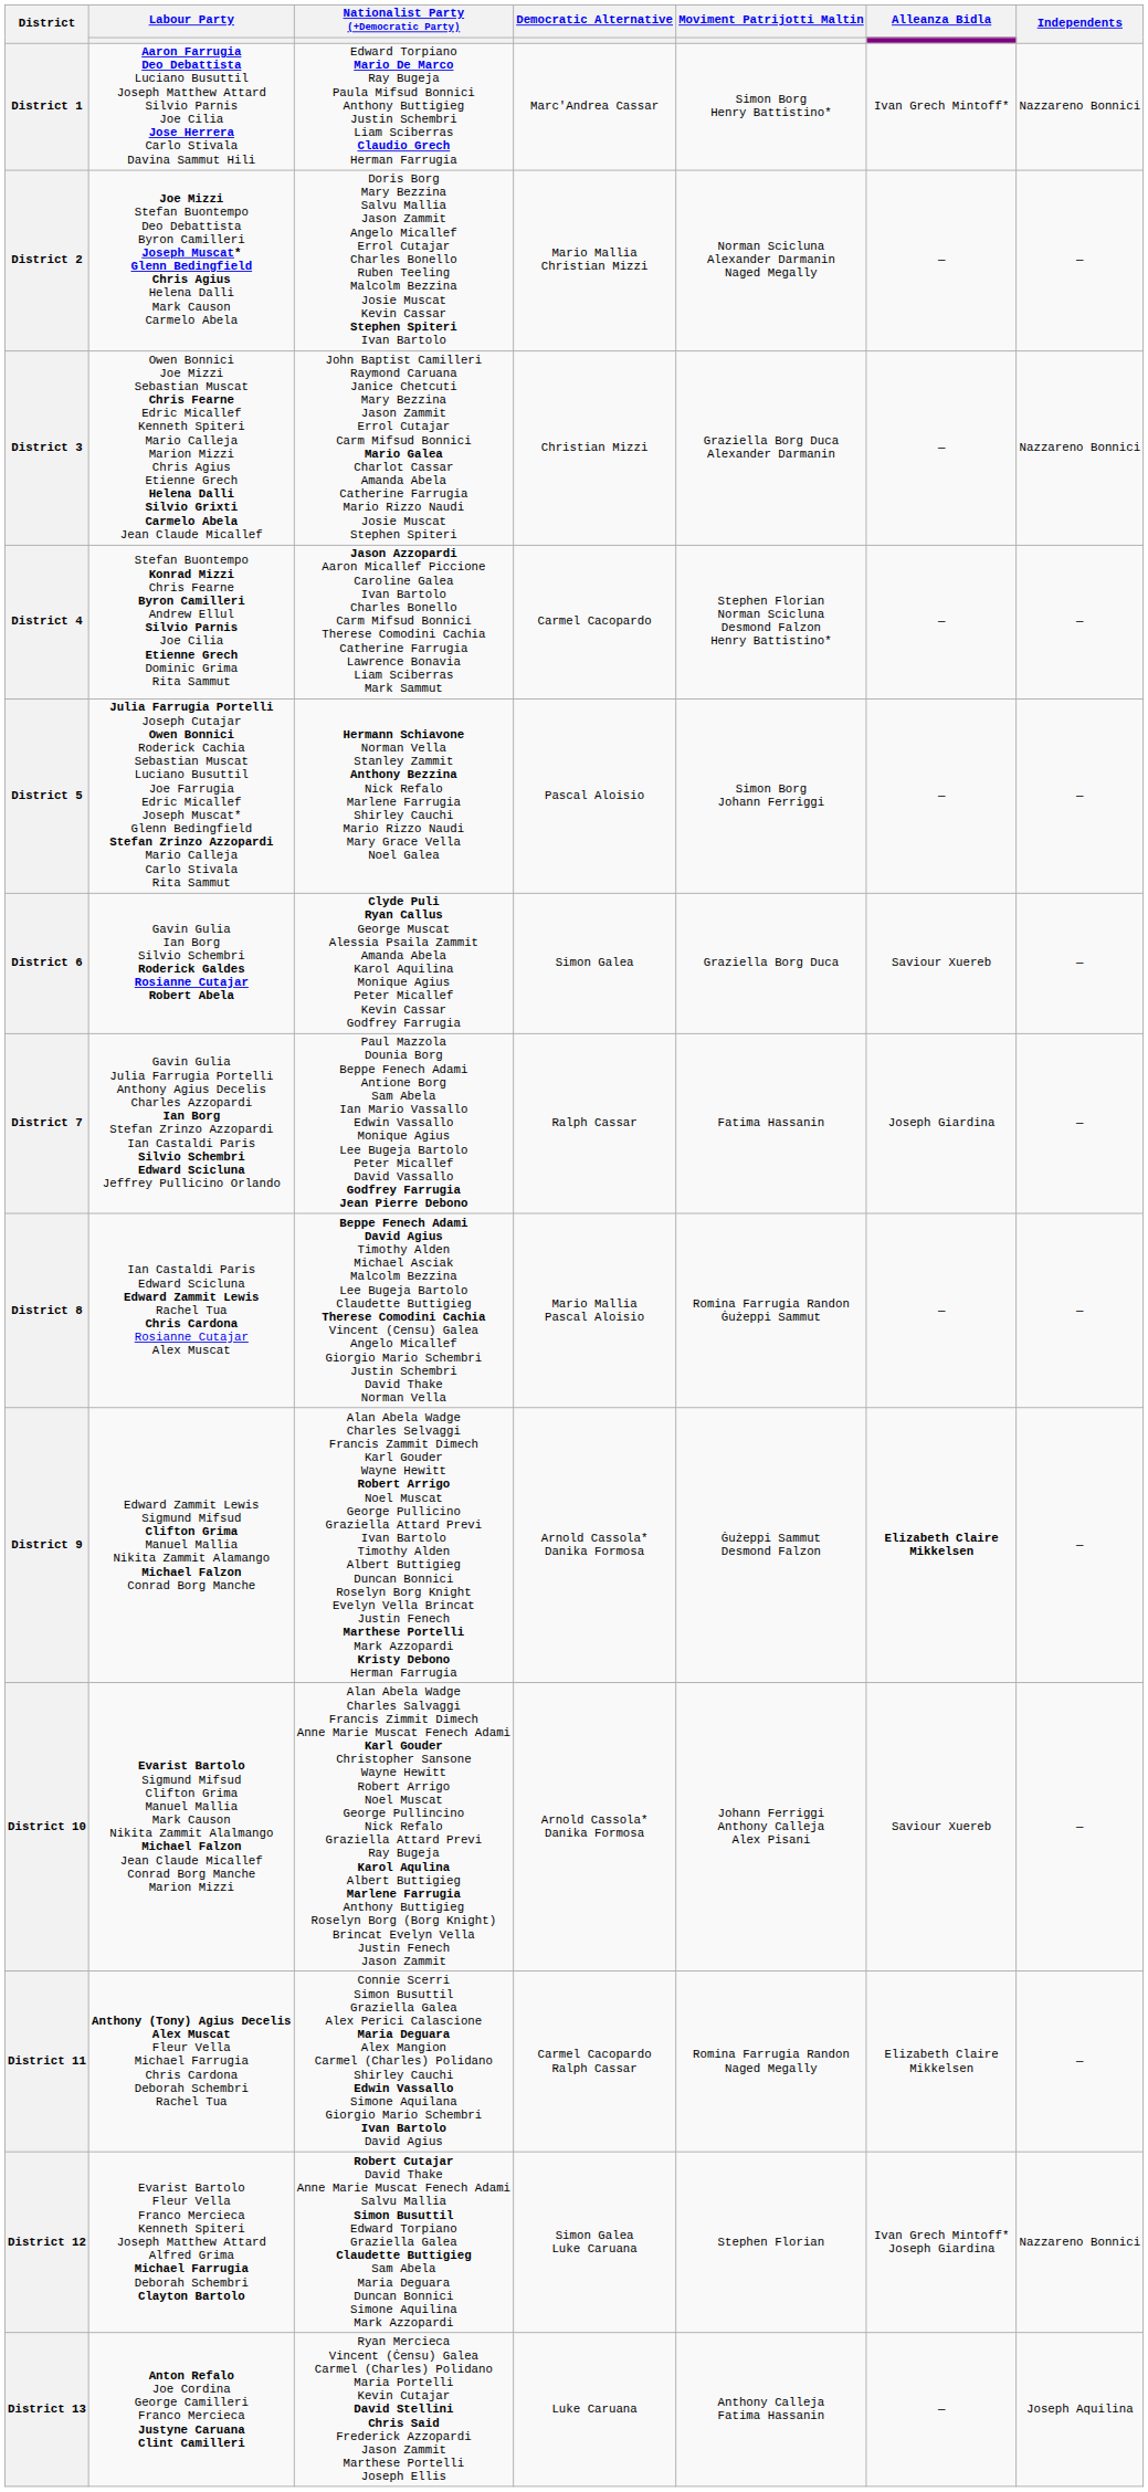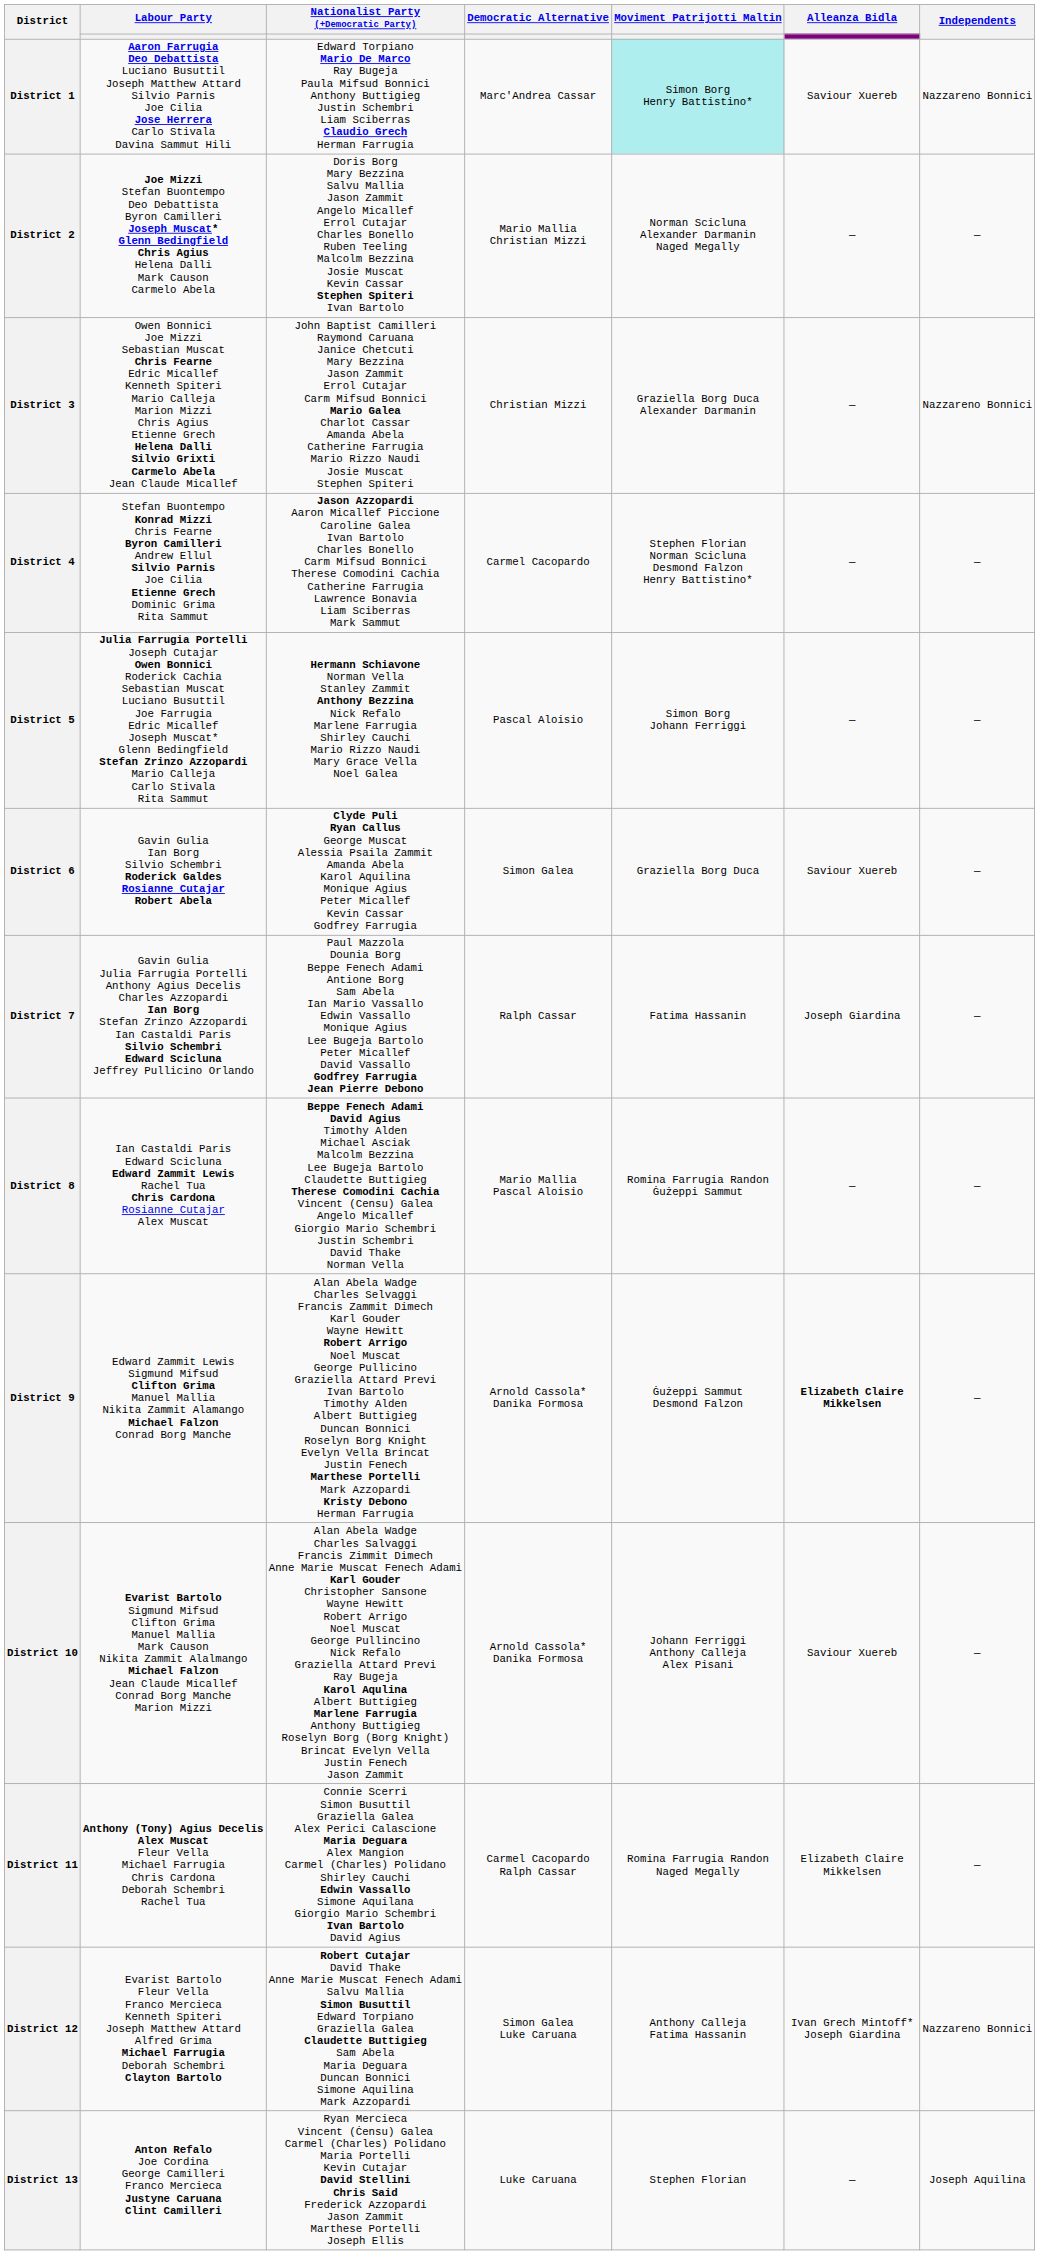 <table class="wikitable sortable mw-collapsible mw-collapsed" style="text-align:center;font-size:95%;line-height:14px">
 <tr>
 <th rowspan="2">District</th>
 <th><a href='#'>Labour Party</a></th>
 <th><a href='#'>Nationalist Party<br><small>(+Democratic Party)</small></a></th>
 <th><a href='#'>Democratic Alternative</a></th>
 <th><a href='#'>Moviment Patrijotti Maltin</a></th>
 <th><a href='#'>Alleanza Bidla</a></th>
 <th rowspan="2"><a href='#'>Independents</a></th>
 </tr>
 <tr>
 <th class="unsortable" style="background:"></th>
 <th class="unsortable" style="background:"></th>
 <th class="unsortable" style="background:"></th>
 <th class="unsortable" style="background:"></th>
 <th class="unsortable" style="background:purple; width:150px;"></th>
 </tr>
 <tr>
 <th>District 1</th>
 <td><strong><a href='#'>Aaron Farrugia</a></strong><br><strong><a href='#'>Deo Debattista</a></strong><br>Luciano Busuttil<br>Joseph Matthew Attard<br>Silvio Parnis<br>Joe Cilia<br><strong><a href='#'>Jose Herrera</a></strong><br>Carlo Stivala<br>Davina Sammut Hili</td>
 <td>Edward Torpiano<br><strong><a href='#'>Mario De Marco</a></strong><br>Ray Bugeja<br>Paula Mifsud Bonnici<br>Anthony Buttigieg<br>Justin Schembri<br>Liam Sciberras<br><strong><a href='#'>Claudio Grech</a></strong><br>Herman Farrugia</td>
 <td>Marc'Andrea Cassar</td>
-<td>Simon Borg<br>Henry Battistino*</td>
-<td>Ivan Grech Mintoff*</td>
+<td style="background: paleturquoise;">Simon Borg<br>Henry Battistino*</td>
+<td>Saviour Xuereb</td>
 <td>Nazzareno Bonnici</td>
 </tr>
 <tr>
 <th>District 2</th>
 <td><strong>Joe Mizzi</strong><br>Stefan Buontempo<br>Deo Debattista<br>Byron Camilleri<br><strong><a href='#'>Joseph Muscat</a>*</strong><br><strong><a href='#'>Glenn Bedingfield</a></strong><br><strong>Chris Agius</strong><br>Helena Dalli<br>Mark Causon<br>Carmelo Abela</td>
 <td>Doris Borg<br>Mary Bezzina<br>Salvu Mallia<br>Jason Zammit<br>Angelo Micallef<br>Errol Cutajar<br>Charles Bonello<br>Ruben Teeling<br>Malcolm Bezzina<br>Josie Muscat<br>Kevin Cassar<br><strong>Stephen Spiteri</strong><br>Ivan Bartolo</td>
 <td>Mario Mallia<br>Christian Mizzi</td>
 <td>Norman Scicluna<br>Alexander Darmanin<br>Naged Megally</td>
 <td>—</td>
 <td>—</td>
 </tr>
 <tr>
 <th>District 3</th>
 <td>Owen Bonnici<br>Joe Mizzi<br>Sebastian Muscat<br><strong>Chris Fearne</strong><br>Edric Micallef<br>Kenneth Spiteri<br>Mario Calleja<br>Marion Mizzi<br>Chris Agius<br>Etienne Grech<br><strong>Helena Dalli</strong><br><strong>Silvio Grixti</strong><br><strong>Carmelo Abela</strong><br>Jean Claude Micallef</td>
 <td>John Baptist Camilleri<br>Raymond Caruana<br>Janice Chetcuti<br>Mary Bezzina<br>Jason Zammit<br>Errol Cutajar<br>Carm Mifsud Bonnici<br><strong>Mario Galea</strong><br>Charlot Cassar<br>Amanda Abela<br>Catherine Farrugia<br>Mario Rizzo Naudi<br>Josie Muscat<br>Stephen Spiteri</td>
 <td>Christian Mizzi</td>
 <td>Graziella Borg Duca<br>Alexander Darmanin</td>
 <td>—</td>
 <td>Nazzareno Bonnici</td>
 </tr>
 <tr>
 <th>District 4</th>
 <td>Stefan Buontempo<br><strong>Konrad Mizzi</strong><br>Chris Fearne<br><strong>Byron Camilleri</strong><br>Andrew Ellul<br><strong>Silvio Parnis</strong><br>Joe Cilia<br><strong>Etienne Grech</strong><br>Dominic Grima<br>Rita Sammut</td>
 <td><strong>Jason Azzopardi</strong><br>Aaron Micallef Piccione<br>Caroline Galea<br>Ivan Bartolo<br>Charles Bonello<br>Carm Mifsud Bonnici<br>Therese Comodini Cachia<br>Catherine Farrugia<br>Lawrence Bonavia<br>Liam Sciberras<br>Mark Sammut</td>
 <td>Carmel Cacopardo</td>
 <td>Stephen Florian<br>Norman Scicluna<br>Desmond Falzon<br>Henry Battistino*</td>
 <td>—</td>
 <td>—</td>
 </tr>
 <tr>
 <th>District 5</th>
 <td><strong>Julia Farrugia Portelli</strong><br>Joseph Cutajar<br><strong>Owen Bonnici</strong><br>Roderick Cachia<br>Sebastian Muscat<br>Luciano Busuttil<br>Joe Farrugia<br>Edric Micallef<br>Joseph Muscat*<br>Glenn Bedingfield<br><strong>Stefan Zrinzo Azzopardi</strong><br>Mario Calleja<br>Carlo Stivala<br>Rita Sammut</td>
 <td><strong>Hermann Schiavone</strong><br>Norman Vella<br>Stanley Zammit<br><strong>Anthony Bezzina</strong><br>Nick Refalo<br>Marlene Farrugia<br>Shirley Cauchi<br>Mario Rizzo Naudi<br>Mary Grace Vella<br>Noel Galea</td>
 <td>Pascal Aloisio</td>
 <td>Simon Borg<br>Johann Ferriggi</td>
 <td>—</td>
 <td>—</td>
 </tr>
 <tr>
 <th>District 6</th>
 <td>Gavin Gulia<br>Ian Borg<br>Silvio Schembri<br><strong>Roderick Galdes</strong><br><strong><a href='#'>Rosianne Cutajar</a></strong><br><strong>Robert Abela</strong></td>
 <td><strong>Clyde Puli</strong><br><strong>Ryan Callus</strong><br>George Muscat<br>Alessia Psaila Zammit<br>Amanda Abela<br>Karol Aquilina<br>Monique Agius<br>Peter Micallef<br>Kevin Cassar<br>Godfrey Farrugia</td>
 <td>Simon Galea</td>
 <td>Graziella Borg Duca</td>
 <td>Saviour Xuereb</td>
 <td>—</td>
 </tr>
 <tr>
 <th>District 7</th>
 <td>Gavin Gulia<br>Julia Farrugia Portelli<br>Anthony Agius Decelis<br>Charles Azzopardi<br><strong>Ian Borg</strong><br>Stefan Zrinzo Azzopardi<br>Ian Castaldi Paris<br><strong>Silvio Schembri</strong><br><strong>Edward Scicluna</strong><br>Jeffrey Pullicino Orlando</td>
 <td>Paul Mazzola<br>Dounia Borg<br>Beppe Fenech Adami<br>Antione Borg<br>Sam Abela<br>Ian Mario Vassallo<br>Edwin Vassallo<br>Monique Agius<br>Lee Bugeja Bartolo<br>Peter Micallef<br>David Vassallo<br><strong>Godfrey Farrugia</strong><br><strong>Jean Pierre Debono</strong></td>
 <td>Ralph Cassar</td>
 <td>Fatima Hassanin</td>
 <td>Joseph Giardina</td>
 <td>—</td>
 </tr>
 <tr>
 <th>District 8</th>
 <td>Ian Castaldi Paris<br>Edward Scicluna<br><strong>Edward Zammit Lewis</strong><br>Rachel Tua<br><strong>Chris Cardona</strong><br><a href='#'>Rosianne Cutajar</a><br>Alex Muscat</td>
 <td><strong>Beppe Fenech Adami</strong><br><strong>David Agius</strong><br>Timothy Alden<br>Michael Asciak<br>Malcolm Bezzina<br>Lee Bugeja Bartolo<br>Claudette Buttigieg<br><strong>Therese Comodini Cachia</strong><br>Vincent (Censu) Galea<br>Angelo Micallef<br>Giorgio Mario Schembri<br>Justin Schembri<br>David Thake<br>Norman Vella</td>
 <td>Mario Mallia<br>Pascal Aloisio</td>
 <td>Romina Farrugia Randon<br>Ġużeppi Sammut</td>
 <td>—</td>
 <td>—</td>
 </tr>
 <tr>
 <th>District 9</th>
 <td>Edward Zammit Lewis<br>Sigmund Mifsud<br><strong>Clifton Grima</strong><br>Manuel Mallia<br>Nikita Zammit Alamango<br><strong>Michael Falzon</strong><br>Conrad Borg Manche</td>
 <td>Alan Abela Wadge<br>Charles Selvaggi<br>Francis Zammit Dimech<br>Karl Gouder<br>Wayne Hewitt<br><strong>Robert Arrigo</strong><br>Noel Muscat<br>George Pullicino<br>Graziella Attard Previ<br>Ivan Bartolo<br>Timothy Alden<br>Albert Buttigieg<br>Duncan Bonnici<br>Roselyn Borg Knight<br>Evelyn Vella Brincat<br>Justin Fenech<br><strong>Marthese Portelli</strong><br>Mark Azzopardi<br><strong>Kristy Debono</strong><br>Herman Farrugia</td>
 <td>Arnold Cassola*<br>Danika Formosa</td>
 <td>Ġużeppi Sammut<br>Desmond Falzon</td>
 <td><strong>Elizabeth Claire Mikkelsen</strong></td>
 <td>—</td>
 </tr>
 <tr>
 <th>District 10</th>
 <td><strong>Evarist Bartolo</strong><br>Sigmund Mifsud<br>Clifton Grima<br>Manuel Mallia<br>Mark Causon<br>Nikita Zammit Alalmango<br><strong>Michael Falzon</strong><br>Jean Claude Micallef<br>Conrad Borg Manche<br>Marion Mizzi</td>
 <td>Alan Abela Wadge<br>Charles Salvaggi<br>Francis Zimmit Dimech<br>Anne Marie Muscat Fenech Adami<br><strong>Karl Gouder</strong><br>Christopher Sansone<br>Wayne Hewitt<br>Robert Arrigo<br>Noel Muscat<br>George Pullincino<br>Nick Refalo<br>Graziella Attard Previ<br>Ray Bugeja<br><strong>Karol Aqulina</strong><br>Albert Buttigieg<br><strong>Marlene Farrugia</strong><br>Anthony Buttigieg<br>Roselyn Borg (Borg Knight)<br>Brincat Evelyn Vella<br>Justin Fenech<br>Jason Zammit</td>
 <td>Arnold Cassola*<br>Danika Formosa</td>
 <td>Johann Ferriggi<br>Anthony Calleja<br>Alex Pisani</td>
 <td>Saviour Xuereb</td>
 <td>—</td>
 </tr>
 <tr>
 <th>District 11</th>
 <td><strong>Anthony (Tony) Agius Decelis</strong><br><strong>Alex Muscat</strong><br>Fleur Vella<br>Michael Farrugia<br>Chris Cardona<br>Deborah Schembri<br>Rachel Tua</td>
 <td>Connie Scerri<br>Simon Busuttil<br>Graziella Galea<br>Alex Perici Calascione<br><strong>Maria Deguara</strong><br>Alex Mangion<br>Carmel (Charles) Polidano<br>Shirley Cauchi<br><strong>Edwin Vassallo</strong><br>Simone Aquilana<br>Giorgio Mario Schembri<br><strong>Ivan Bartolo</strong><br>David Agius</td>
 <td>Carmel Cacopardo<br>Ralph Cassar</td>
 <td>Romina Farrugia Randon<br>Naged Megally</td>
 <td>Elizabeth Claire Mikkelsen</td>
 <td>—</td>
 </tr>
 <tr>
 <th>District 12</th>
 <td>Evarist Bartolo<br>Fleur Vella<br>Franco Mercieca<br>Kenneth Spiteri<br>Joseph Matthew Attard<br>Alfred Grima<br><strong>Michael Farrugia</strong><br>Deborah Schembri<br><strong>Clayton Bartolo</strong></td>
 <td><strong>Robert Cutajar</strong><br>David Thake<br>Anne Marie Muscat Fenech Adami<br>Salvu Mallia<br><strong>Simon Busuttil</strong><br>Edward Torpiano<br>Graziella Galea<br><strong>Claudette Buttigieg</strong><br>Sam Abela<br>Maria Deguara<br>Duncan Bonnici<br>Simone Aquilina<br>Mark Azzopardi</td>
 <td>Simon Galea<br>Luke Caruana</td>
-<td>Stephen Florian</td>
+<td>Anthony Calleja<br>Fatima Hassanin</td>
 <td>Ivan Grech Mintoff*<br>Joseph Giardina</td>
 <td>Nazzareno Bonnici</td>
 </tr>
 <tr>
 <th>District 13</th>
 <td><strong>Anton Refalo</strong><br>Joe Cordina<br>George Camilleri<br>Franco Mercieca<br><strong>Justyne Caruana</strong><br><strong>Clint Camilleri</strong></td>
 <td>Ryan Mercieca<br>Vincent (Ċensu) Galea<br>Carmel (Charles) Polidano<br>Maria Portelli<br>Kevin Cutajar<br><strong>David Stellini</strong><br><strong>Chris Said</strong><br>Frederick Azzopardi<br>Jason Zammit<br>Marthese Portelli<br>Joseph Ellis</td>
 <td>Luke Caruana</td>
-<td>Anthony Calleja<br>Fatima Hassanin</td>
+<td>Stephen Florian</td>
 <td>—</td>
 <td>Joseph Aquilina</td>
 </tr>
 </table>
